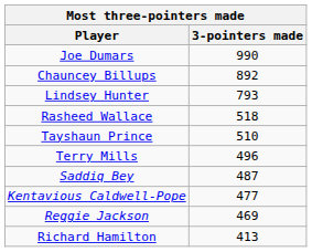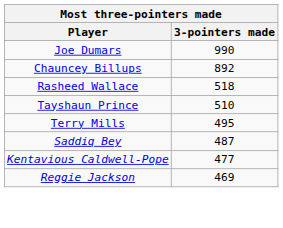 <table class="wikitable sortable" style="text-align:center">
 <tr>
 <th colspan="2" style="text-align:center; ">Most three-pointers made</th>
 </tr>
 <tr>
 <th style="text-align:center; ">Player</th>
 <th style="text-align:center; ">3-pointers made</th>
 </tr>
 <tr>
 <td><a href='#'>Joe Dumars</a></td>
 <td>990</td>
 </tr>
 <tr>
 <td><a href='#'>Chauncey Billups</a></td>
 <td>892</td>
 </tr>
 <tr>
-<td><a href='#'>Lindsey Hunter</a></td>
-<td>793</td>
-</tr>
-<tr>
 <td><a href='#'>Rasheed Wallace</a></td>
 <td>518</td>
 </tr>
 <tr>
 <td><a href='#'>Tayshaun Prince</a></td>
 <td>510</td>
 </tr>
 <tr>
 <td><a href='#'>Terry Mills</a></td>
-<td>496</td>
+<td>495</td>
 </tr>
 <tr>
 <td><em><a href='#'>Saddiq Bey</a></em></td>
 <td>487</td>
 </tr>
 <tr>
 <td><em><a href='#'>Kentavious Caldwell-Pope</a></em></td>
 <td>477</td>
 </tr>
 <tr>
 <td><em><a href='#'>Reggie Jackson</a></em></td>
 <td>469</td>
 </tr>
-<tr>
-<td><a href='#'>Richard Hamilton</a></td>
-<td>413</td>
-</tr>
 </table>
